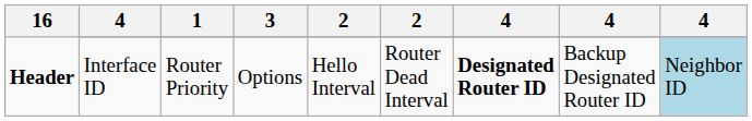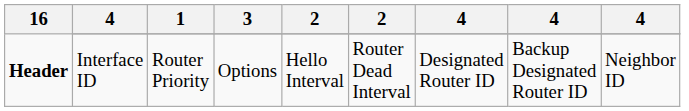 <table class="wikitable  floatright mw-collapsible mw-collapsed" style="width: 400px;">
 <tr>
 <th>16</th>
 <th>4</th>
 <th>1</th>
 <th>3</th>
 <th>2</th>
 <th>2</th>
 <th>4</th>
 <th>4</th>
 <th>4</th>
 </tr>
 <tr>
 <td rowspan="2" colspan="1"><strong>Header</strong></td>
 </tr>
 <tr>
 <td>Interface ID</td>
 <td>Router Priority</td>
 <td>Options</td>
 <td>Hello Interval</td>
 <td>Router Dead Interval</td>
-<td><strong>Designated Router ID</strong></td>
+<td>Designated Router ID</td>
 <td>Backup Designated Router ID</td>
-<td style="background: lightblue;">Neighbor ID</td>
+<td>Neighbor ID</td>
 </tr>
 </table>
